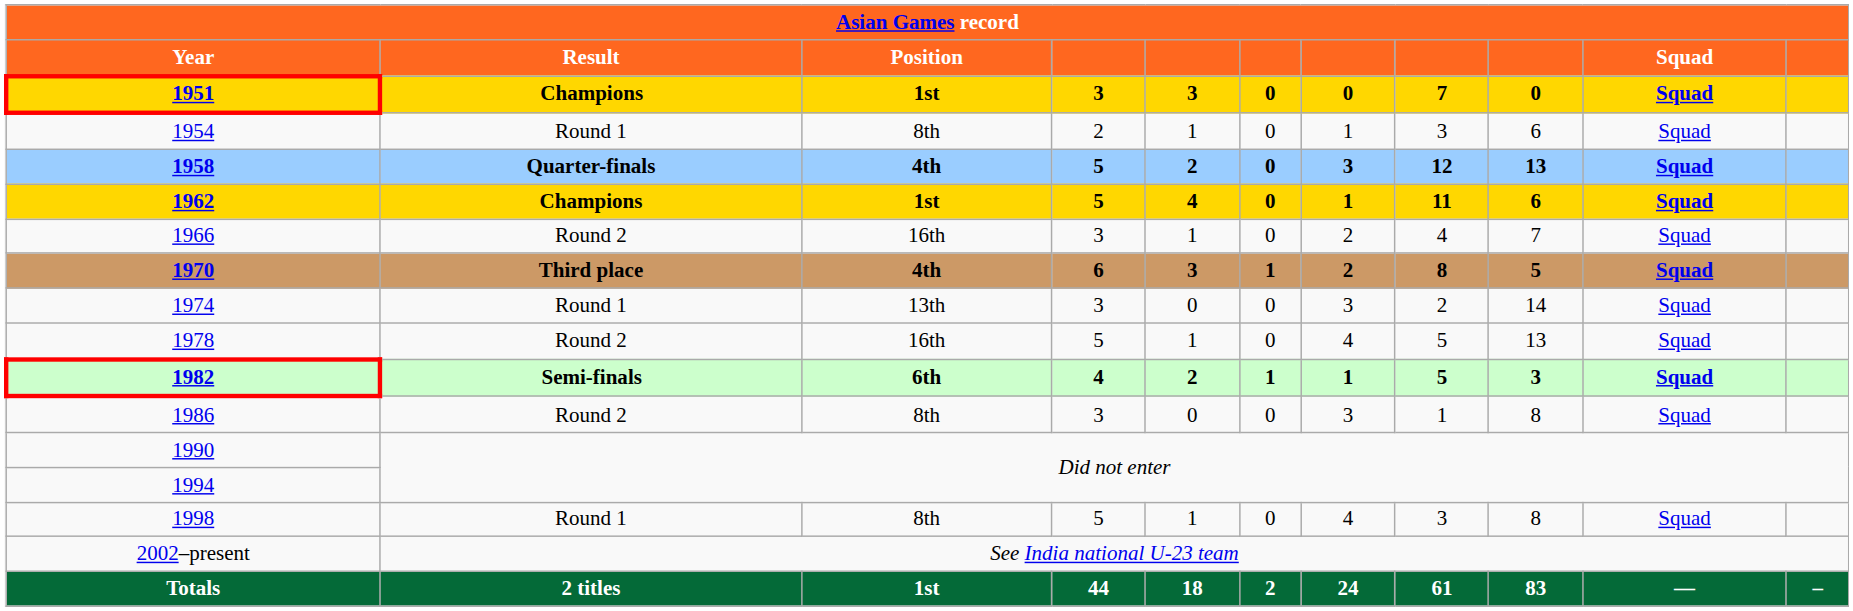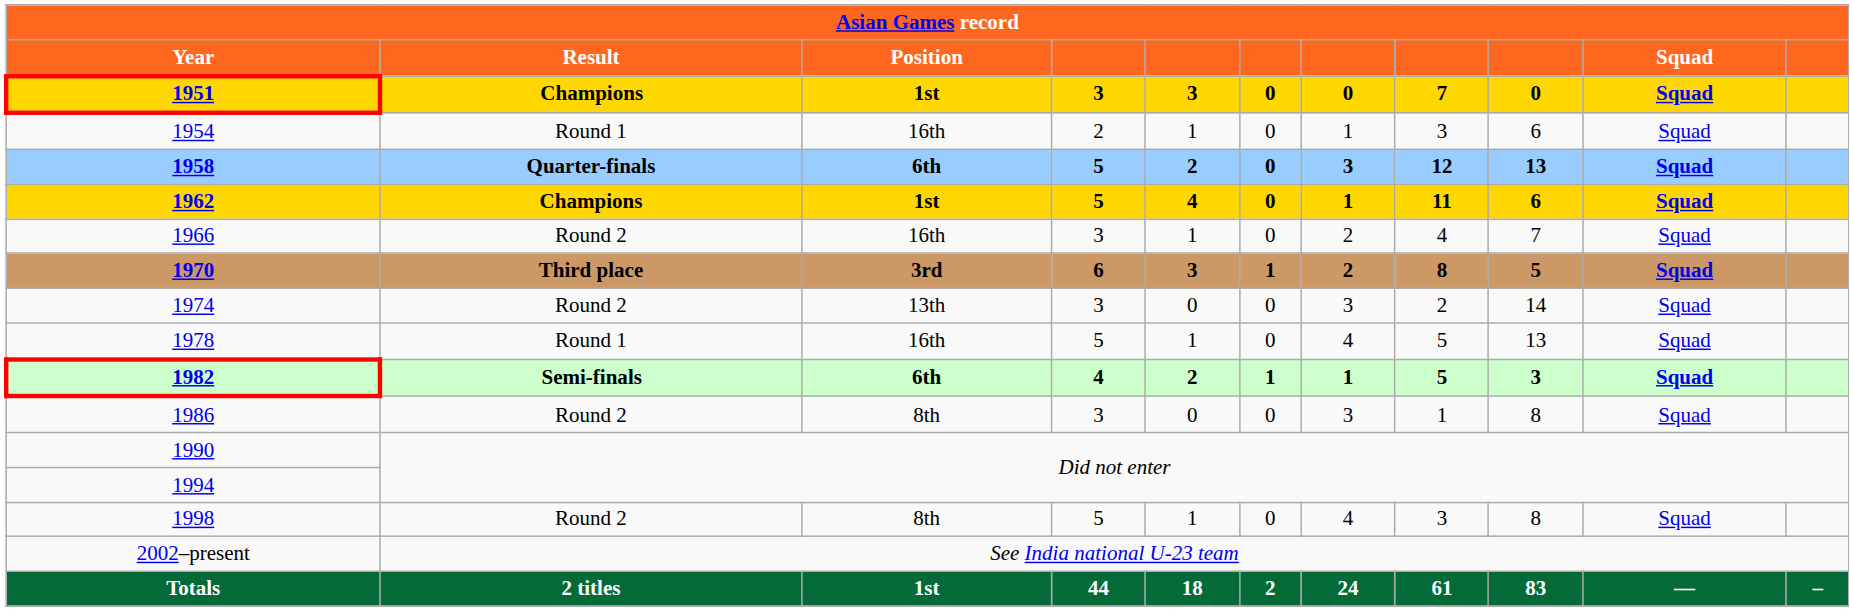 <table class="wikitable" style="font-size:90%; text-align:center;" width="100%" class="wikitable">
 <tr>
 <th colspan=11 style="background:#FF671F; color:white; "><a href='#'>Asian Games</a> record</th>
 </tr>
 <tr>
 <th style="background:#FF671F; color:white; ">Year</th>
 <th style="background:#FF671F; color:white; ">Result</th>
 <th style="background:#FF671F; color:white; ">Position</th>
 <th style="background:#FF671F; color:white; "></th>
 <th style="background:#FF671F; color:white; "></th>
 <th style="background:#FF671F; color:white; "></th>
 <th style="background:#FF671F; color:white; "></th>
 <th style="background:#FF671F; color:white; "></th>
 <th style="background:#FF671F; color:white; "></th>
 <th style="background:#FF671F; color:white; ">Squad</th>
 <th style="background:#FF671F; color:white; "></th>
 </tr>
 <tr style="background:gold">
 <td style="border: 3px solid red"> <strong><a href='#'>1951</a></strong></td>
 <td><strong>Champions</strong></td>
 <td><strong>1st</strong></td>
 <td><strong>3</strong></td>
 <td><strong>3</strong></td>
 <td><strong>0</strong></td>
 <td><strong>0</strong></td>
 <td><strong>7</strong></td>
 <td><strong>0</strong></td>
 <td><strong><a href='#'>Squad</a></strong></td>
 <td></td>
 </tr>
 <tr>
 <td> <a href='#'>1954</a></td>
 <td>Round 1</td>
-<td>8th</td>
+<td>16th</td>
 <td>2</td>
 <td>1</td>
 <td>0</td>
 <td>1</td>
 <td>3</td>
 <td>6</td>
 <td><a href='#'>Squad</a></td>
 <td></td>
 </tr>
 <tr style="background:#9acdff;">
 <td> <strong><a href='#'>1958</a></strong></td>
 <td><strong>Quarter-finals</strong></td>
-<td><strong>4th</strong></td>
+<td><strong>6th</strong></td>
 <td><strong>5</strong></td>
 <td><strong>2</strong></td>
 <td><strong>0</strong></td>
 <td><strong>3</strong></td>
 <td><strong>12</strong></td>
 <td><strong>13</strong></td>
 <td><strong><a href='#'>Squad</a></strong></td>
 <td></td>
 </tr>
 <tr style="background:gold">
 <td> <strong><a href='#'>1962</a></strong></td>
 <td><strong>Champions</strong></td>
 <td><strong>1st</strong></td>
 <td><strong>5</strong></td>
 <td><strong>4</strong></td>
 <td><strong>0</strong></td>
 <td><strong>1</strong></td>
 <td><strong>11</strong></td>
 <td><strong>6</strong></td>
 <td><strong><a href='#'>Squad</a></strong></td>
 <td></td>
 </tr>
 <tr>
 <td> <a href='#'>1966</a></td>
 <td>Round 2</td>
 <td>16th</td>
 <td>3</td>
 <td>1</td>
 <td>0</td>
 <td>2</td>
 <td>4</td>
 <td>7</td>
 <td><a href='#'>Squad</a></td>
 <td></td>
 </tr>
 <tr style="background:#c96;">
 <td> <strong><a href='#'>1970</a></strong></td>
 <td><strong>Third place</strong></td>
-<td><strong>4th</strong></td>
+<td><strong>3rd</strong></td>
 <td><strong>6</strong></td>
 <td><strong>3</strong></td>
 <td><strong>1</strong></td>
 <td><strong>2</strong></td>
 <td><strong>8</strong></td>
 <td><strong>5</strong></td>
 <td><strong><a href='#'>Squad</a></strong></td>
 <td></td>
 </tr>
 <tr>
 <td> <a href='#'>1974</a></td>
-<td>Round 1</td>
+<td>Round 2</td>
 <td>13th</td>
 <td>3</td>
 <td>0</td>
 <td>0</td>
 <td>3</td>
 <td>2</td>
 <td>14</td>
 <td><a href='#'>Squad</a></td>
 <td></td>
 </tr>
 <tr>
 <td> <a href='#'>1978</a></td>
-<td>Round 2</td>
+<td>Round 1</td>
 <td>16th</td>
 <td>5</td>
 <td>1</td>
 <td>0</td>
 <td>4</td>
 <td>5</td>
 <td>13</td>
 <td><a href='#'>Squad</a></td>
 <td></td>
 </tr>
 <tr bgcolor=#ccffcc>
 <td style="border: 3px solid red"> <strong><a href='#'>1982</a></strong></td>
 <td><strong>Semi-finals</strong></td>
 <td><strong>6th</strong></td>
 <td><strong>4</strong></td>
 <td><strong>2</strong></td>
 <td><strong>1</strong></td>
 <td><strong>1</strong></td>
 <td><strong>5</strong></td>
 <td><strong>3</strong></td>
 <td><strong><a href='#'>Squad</a></strong></td>
 <td></td>
 </tr>
 <tr>
 <td> <a href='#'>1986</a></td>
 <td>Round 2</td>
 <td>8th</td>
 <td>3</td>
 <td>0</td>
 <td>0</td>
 <td>3</td>
 <td>1</td>
 <td>8</td>
 <td><a href='#'>Squad</a></td>
 <td></td>
 </tr>
 <tr>
 <td> <a href='#'>1990</a></td>
 <td colspan="10" rowspan="2"><em>Did not enter</em></td>
 </tr>
 <tr>
 <td> <a href='#'>1994</a></td>
 </tr>
 <tr>
 <td> <a href='#'>1998</a></td>
-<td>Round 1</td>
+<td>Round 2</td>
 <td>8th</td>
 <td>5</td>
 <td>1</td>
 <td>0</td>
 <td>4</td>
 <td>3</td>
 <td>8</td>
 <td><a href='#'>Squad</a></td>
 <td></td>
 </tr>
 <tr>
 <td> <a href='#'>2002</a>–present</td>
 <td colspan=10><em>See <a href='#'>India national U-23 team</a></em></td>
 </tr>
 <tr>
 <th style="background:#046A38; color:white; "><strong>Totals</strong></th>
 <th style="background:#046A38; color:white; ">2 titles</th>
 <th style="background:#046A38; color:white; ">1st</th>
 <th style="background:#046A38; color:white; ">44</th>
 <th style="background:#046A38; color:white; ">18</th>
 <th style="background:#046A38; color:white; ">2</th>
 <th style="background:#046A38; color:white; ">24</th>
 <th style="background:#046A38; color:white; ">61</th>
 <th style="background:#046A38; color:white; ">83</th>
 <th style="background:#046A38; color:white; ">—</th>
 <th style="background:#046A38; color:white; ">–</th>
 </tr>
 </table>
